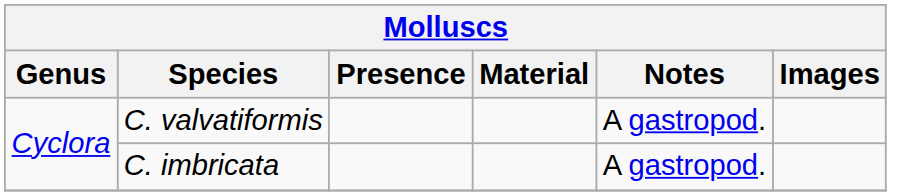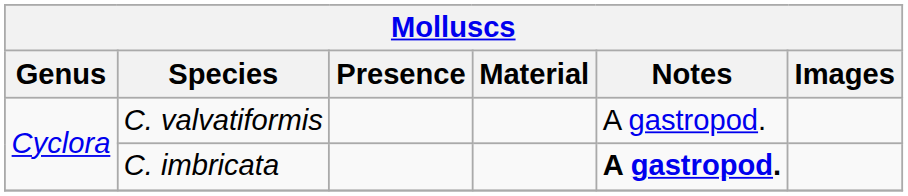 <table class="wikitable" align="center">
 <tr>
 <th colspan="6" align="center"><a href='#'>Molluscs</a></th>
 </tr>
 <tr>
 <th>Genus</th>
 <th>Species</th>
 <th>Presence</th>
 <th><strong>Material</strong></th>
 <th>Notes</th>
 <th>Images</th>
 </tr>
 <tr>
 <td rowspan=2><em><a href='#'>Cyclora</a></em></td>
 <td><em>C. valvatiformis</em></td>
 <td></td>
 <td></td>
 <td>A <a href='#'>gastropod</a>.</td>
 <td></td>
 </tr>
 <tr>
 <td><em>C. imbricata</em></td>
 <td></td>
 <td></td>
-<td>A <a href='#'>gastropod</a>.</td>
+<td><strong>A <a href='#'>gastropod</a>.</strong></td>
 <td></td>
 </tr>
 <tr>
 </tr>
 </table>
